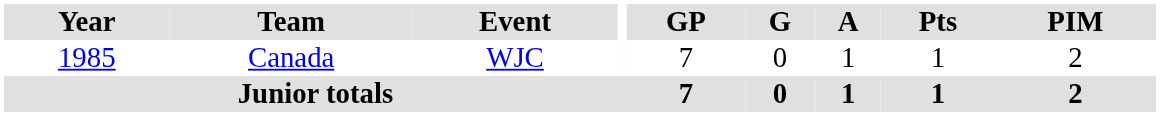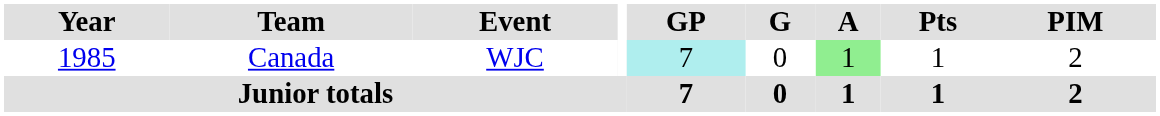 <table border="0" cellpadding="1" cellspacing="0" ID="Table3" style="text-align:center; width:40em">
 <tr bgcolor="#e0e0e0">
 <th>Year</th>
 <th>Team</th>
 <th>Event</th>
 <th rowspan="102" bgcolor="#ffffff"></th>
 <th>GP</th>
 <th>G</th>
 <th>A</th>
 <th>Pts</th>
 <th>PIM</th>
 </tr>
 <tr>
 <td><a href='#'>1985</a></td>
 <td><a href='#'>Canada</a></td>
 <td><a href='#'>WJC</a></td>
-<td>7</td>
+<td style="background: paleturquoise;">7</td>
 <td>0</td>
-<td>1</td>
+<td style="background: lightgreen;">1</td>
 <td>1</td>
 <td>2</td>
 </tr>
 <tr bgcolor="#e0e0e0">
 <th colspan="4">Junior totals</th>
 <th>7</th>
 <th>0</th>
 <th>1</th>
 <th>1</th>
 <th>2</th>
 </tr>
 </table>
